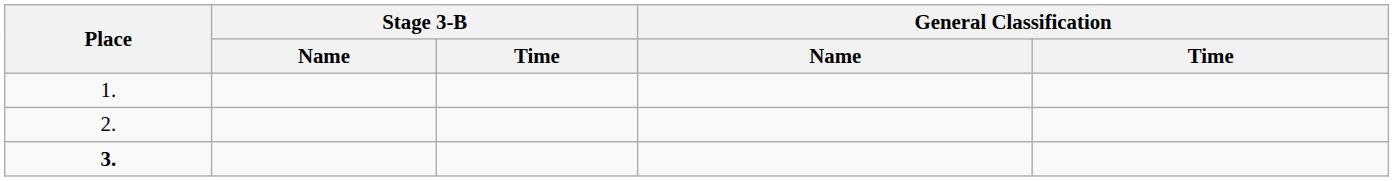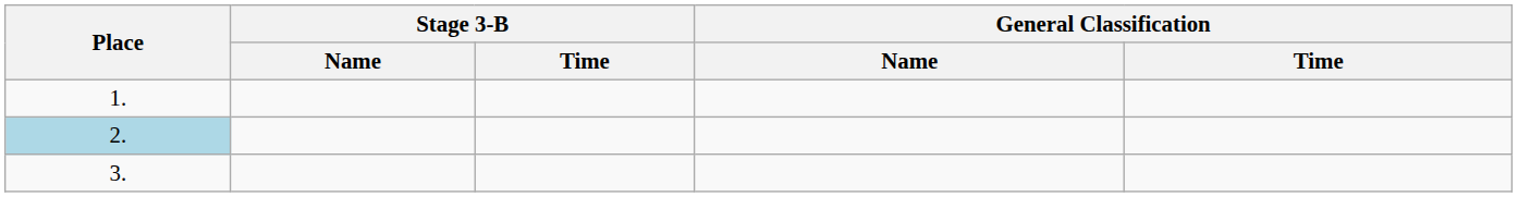 <table class=wikitable style="font-size:95%" width="80%">
 <tr>
 <th rowspan="2">Place</th>
 <th colspan="2">Stage 3-B</th>
 <th colspan="2">General Classification</th>
 </tr>
 <tr>
 <th>Name</th>
 <th>Time</th>
 <th>Name</th>
 <th>Time</th>
 </tr>
 <tr>
 <td align="center">1.</td>
 <td></td>
 <td></td>
 <td></td>
 <td></td>
 </tr>
 <tr>
-<td align="center">2.</td>
+<td align="center" style="background: lightblue;">2.</td>
 <td></td>
 <td></td>
 <td></td>
 <td></td>
 </tr>
 <tr>
-<td align="center"><strong>3.</strong></td>
+<td align="center">3.</td>
 <td></td>
 <td></td>
 <td></td>
 <td></td>
 </tr>
 </table>
